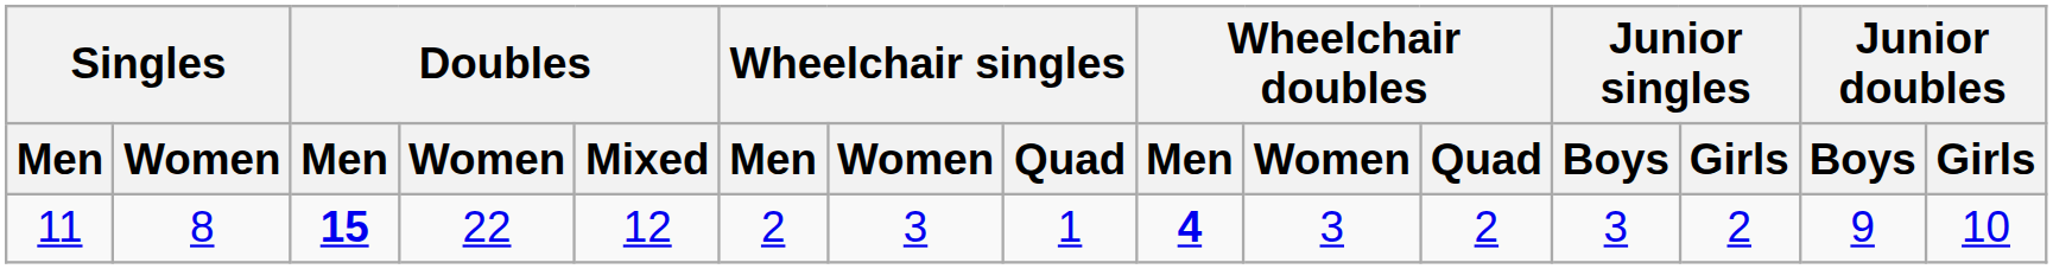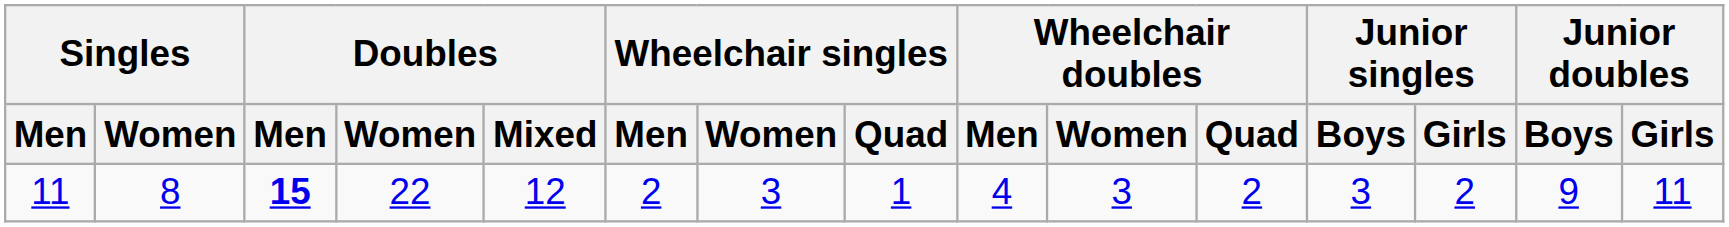 <table class="wikitable nowrap" style="text-align: center; width: 60%;">
 <tr>
 <th colspan="2">Singles</th>
 <th colspan="3">Doubles</th>
 <th colspan="3">Wheelchair singles</th>
 <th colspan="3">Wheelchair doubles</th>
 <th colspan="2">Junior singles</th>
 <th colspan="2">Junior doubles</th>
 </tr>
 <tr>
 <th width="50">Men</th>
 <th width="50">Women</th>
 <th width="50">Men</th>
 <th width="50">Women</th>
 <th width="50">Mixed</th>
 <th width="50">Men</th>
 <th width="50">Women</th>
 <th width="50">Quad</th>
 <th width="50">Men</th>
 <th width="50">Women</th>
 <th width="50">Quad</th>
 <th width="50">Boys</th>
 <th width="50">Girls</th>
 <th width="50">Boys</th>
 <th width="50">Girls</th>
 </tr>
 <tr>
 <td><a href='#'>11</a></td>
 <td><a href='#'>8</a></td>
 <td><strong><a href='#'>15</a></strong></td>
 <td><a href='#'>22</a></td>
 <td><a href='#'>12</a></td>
 <td><a href='#'>2</a></td>
 <td><a href='#'>3</a></td>
 <td><a href='#'>1</a></td>
-<td><strong><a href='#'>4</a></strong></td>
+<td><a href='#'>4</a></td>
 <td><a href='#'>3</a></td>
 <td><a href='#'>2</a></td>
 <td><a href='#'>3</a></td>
 <td><a href='#'>2</a></td>
 <td><a href='#'>9</a></td>
-<td><a href='#'>10</a></td>
+<td><a href='#'>11</a></td>
 </tr>
 </table>
